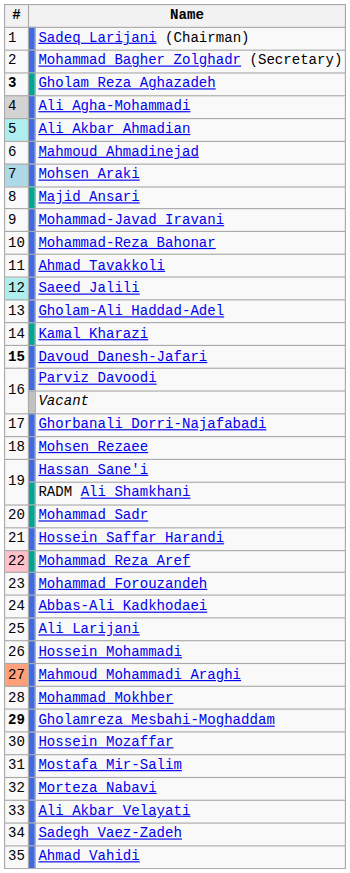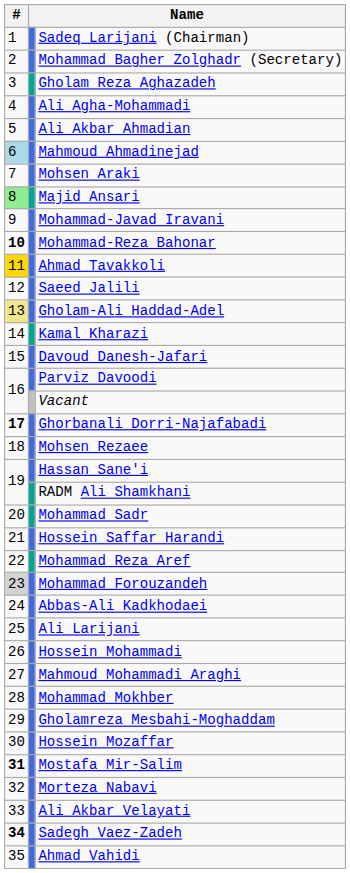 <table class="wikitable" style="font-size:95%;text-left;">
 <tr>
 <th>#</th>
 <th colspan="2">Name</th>
 </tr>
 <tr>
 <td>1</td>
 <td style="background:#4169E1"></td>
 <td><a href='#'>Sadeq Larijani</a> (Chairman)</td>
 </tr>
 <tr>
 <td>2</td>
 <td style="background:#4169E1"></td>
 <td><a href='#'>Mohammad Bagher Zolghadr</a> (Secretary)</td>
 </tr>
 <tr>
-<td><strong>3</strong></td>
+<td>3</td>
 <td style="background:#00A693"></td>
 <td><a href='#'>Gholam Reza Aghazadeh</a></td>
 </tr>
 <tr>
-<td style="background: lightgrey;">4</td>
+<td>4</td>
 <td style="background:#4169E1"></td>
 <td><a href='#'>Ali Agha-Mohammadi</a></td>
 </tr>
 <tr>
-<td style="background: paleturquoise;">5</td>
+<td>5</td>
 <td style="background:#4169E1"></td>
 <td><a href='#'>Ali Akbar Ahmadian</a></td>
 </tr>
 <tr>
-<td>6</td>
+<td style="background: lightblue;">6</td>
 <td style="background:#4169E1"></td>
 <td><a href='#'>Mahmoud Ahmadinejad</a></td>
 </tr>
 <tr>
-<td style="background: lightblue;">7</td>
+<td>7</td>
 <td style="background:#4169E1"></td>
 <td><a href='#'>Mohsen Araki</a></td>
 </tr>
 <tr>
-<td>8</td>
+<td style="background: lightgreen;">8</td>
 <td style="background:#00A693"></td>
 <td><a href='#'>Majid Ansari</a></td>
 </tr>
 <tr>
 <td>9</td>
 <td style="background:#4169E1"></td>
 <td><a href='#'>Mohammad-Javad Iravani</a></td>
 </tr>
 <tr>
-<td>10</td>
+<td><strong>10</strong></td>
 <td style="background:#4169E1"></td>
 <td><a href='#'>Mohammad-Reza Bahonar</a></td>
 </tr>
 <tr>
-<td>11</td>
+<td style="background: gold;">11</td>
 <td style="background:#4169E1"></td>
 <td><a href='#'>Ahmad Tavakkoli</a></td>
 </tr>
 <tr>
-<td style="background: paleturquoise;">12</td>
+<td>12</td>
 <td style="background:#4169E1"></td>
 <td><a href='#'>Saeed Jalili</a></td>
 </tr>
 <tr>
-<td>13</td>
+<td style="background: khaki;">13</td>
 <td style="background:#4169E1"></td>
 <td><a href='#'>Gholam-Ali Haddad-Adel</a></td>
 </tr>
 <tr>
 <td>14</td>
 <td style="background:#00A693"></td>
 <td><a href='#'>Kamal Kharazi</a></td>
 </tr>
 <tr>
-<td><strong>15</strong></td>
+<td>15</td>
 <td style="background:#4169E1"></td>
 <td><a href='#'>Davoud Danesh-Jafari</a></td>
 </tr>
 <tr>
 <td rowspan="2">16</td>
 <td style="background:#4169E1"></td>
 <td><a href='#'>Parviz Davoodi</a> </td>
 </tr>
 <tr>
 <td style="background:#C0C0C0"></td>
 <td><em>Vacant</em></td>
 </tr>
 <tr>
-<td>17</td>
+<td><strong>17</strong></td>
 <td style="background:#4169E1"></td>
 <td><a href='#'>Ghorbanali Dorri-Najafabadi</a></td>
 </tr>
 <tr>
 <td>18</td>
 <td style="background:#4169E1"></td>
 <td><a href='#'>Mohsen Rezaee</a></td>
 </tr>
 <tr>
 <td rowspan="2">19</td>
 <td style="background:#4169E1"></td>
 <td><a href='#'>Hassan Sane'i</a> </td>
 </tr>
 <tr>
 <td style="background:#00A693"></td>
 <td>RADM <a href='#'>Ali Shamkhani</a> </td>
 </tr>
 <tr>
 <td>20</td>
 <td style="background:#00A693"></td>
 <td><a href='#'>Mohammad Sadr</a></td>
 </tr>
 <tr>
 <td>21</td>
 <td style="background:#4169E1"></td>
 <td><a href='#'>Hossein Saffar Harandi</a></td>
 </tr>
 <tr>
-<td style="background: pink;">22</td>
+<td>22</td>
 <td style="background:#00A693"></td>
 <td><a href='#'>Mohammad Reza Aref</a></td>
 </tr>
 <tr>
-<td>23</td>
+<td style="background: lightgrey;">23</td>
 <td style="background:#4169E1"></td>
 <td><a href='#'>Mohammad Forouzandeh</a></td>
 </tr>
 <tr>
 <td>24</td>
 <td style="background:#4169E1"></td>
 <td><a href='#'>Abbas-Ali Kadkhodaei</a></td>
 </tr>
 <tr>
 <td>25</td>
 <td style="background:#4169E1"></td>
 <td><a href='#'>Ali Larijani</a></td>
 </tr>
 <tr>
 <td>26</td>
 <td style="background:#4169E1"></td>
 <td><a href='#'>Hossein Mohammadi</a></td>
 </tr>
 <tr>
-<td style="background: lightsalmon;">27</td>
+<td>27</td>
 <td style="background:#4169E1"></td>
 <td><a href='#'>Mahmoud Mohammadi Araghi</a></td>
 </tr>
 <tr>
 <td>28</td>
 <td style="background:#4169E1"></td>
 <td><a href='#'>Mohammad Mokhber</a></td>
 </tr>
 <tr>
-<td><strong>29</strong></td>
+<td>29</td>
 <td style="background:#4169E1"></td>
 <td><a href='#'>Gholamreza Mesbahi-Moghaddam</a></td>
 </tr>
 <tr>
 <td>30</td>
 <td style="background:#4169E1"></td>
 <td><a href='#'>Hossein Mozaffar</a></td>
 </tr>
 <tr>
-<td>31</td>
+<td><strong>31</strong></td>
 <td style="background:#4169E1"></td>
 <td><a href='#'>Mostafa Mir-Salim</a></td>
 </tr>
 <tr>
 <td>32</td>
 <td style="background:#4169E1"></td>
 <td><a href='#'>Morteza Nabavi</a></td>
 </tr>
 <tr>
 <td>33</td>
 <td style="background:#4169E1"></td>
 <td><a href='#'>Ali Akbar Velayati</a></td>
 </tr>
 <tr>
-<td>34</td>
+<td><strong>34</strong></td>
 <td style="background:#4169E1"></td>
 <td><a href='#'>Sadegh Vaez-Zadeh</a></td>
 </tr>
 <tr>
 <td>35</td>
 <td style="background:#4169E1"></td>
 <td><a href='#'>Ahmad Vahidi</a></td>
 </tr>
 <tr>
 </tr>
 </table>
